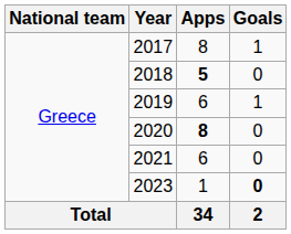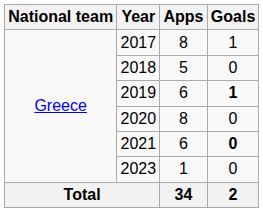 <table class=wikitable style=text-align:center>
 <tr>
 <th>National team</th>
 <th>Year</th>
 <th>Apps</th>
 <th>Goals</th>
 </tr>
 <tr>
 <td rowspan="6"><a href='#'>Greece</a></td>
 <td>2017</td>
 <td>8</td>
 <td>1</td>
 </tr>
 <tr>
 <td>2018</td>
-<td><strong>5</strong></td>
+<td>5</td>
 <td>0</td>
 </tr>
 <tr>
 <td>2019</td>
 <td>6</td>
-<td>1</td>
+<td><strong>1</strong></td>
 </tr>
 <tr>
 <td>2020</td>
-<td><strong>8</strong></td>
+<td>8</td>
 <td>0</td>
 </tr>
 <tr>
 <td>2021</td>
 <td>6</td>
-<td>0</td>
+<td><strong>0</strong></td>
 </tr>
 <tr>
 <td>2023</td>
 <td>1</td>
-<td><strong>0</strong></td>
+<td>0</td>
 </tr>
 <tr>
 <th colspan="2">Total</th>
 <th>34</th>
 <th>2</th>
 </tr>
 </table>
